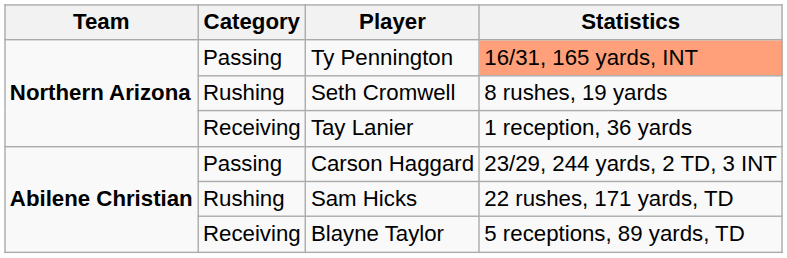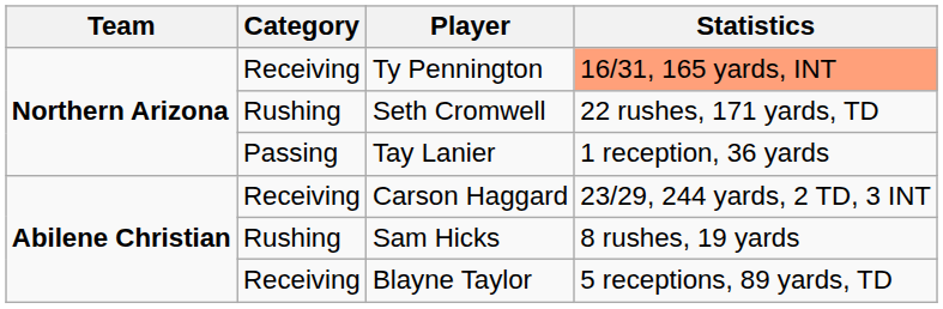 <table class="wikitable" style="float: right;">
 <tr>
 <th>Team</th>
 <th>Category</th>
 <th>Player</th>
 <th>Statistics</th>
 </tr>
 <tr>
 <td rowspan=3><strong>Northern Arizona</strong></td>
-<td>Passing</td>
+<td>Receiving</td>
 <td>Ty Pennington</td>
 <td style="background: lightsalmon;">16/31, 165 yards, INT</td>
 </tr>
 <tr>
 <td>Rushing</td>
 <td>Seth Cromwell</td>
-<td>8 rushes, 19 yards</td>
+<td>22 rushes, 171 yards, TD</td>
 </tr>
 <tr>
-<td>Receiving</td>
+<td>Passing</td>
 <td>Tay Lanier</td>
 <td>1 reception, 36 yards</td>
 </tr>
 <tr>
 <td rowspan=3><strong>Abilene Christian</strong></td>
-<td>Passing</td>
+<td>Receiving</td>
 <td>Carson Haggard</td>
 <td>23/29, 244 yards, 2 TD, 3 INT</td>
 </tr>
 <tr>
 <td>Rushing</td>
 <td>Sam Hicks</td>
-<td>22 rushes, 171 yards, TD</td>
+<td>8 rushes, 19 yards</td>
 </tr>
 <tr>
 <td>Receiving</td>
 <td>Blayne Taylor</td>
 <td>5 receptions, 89 yards, TD</td>
 </tr>
 </table>
